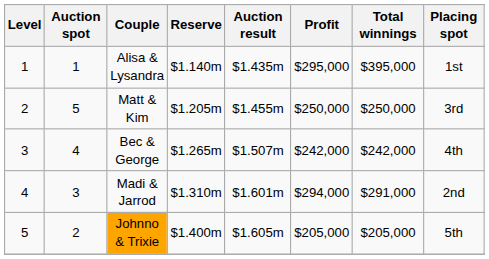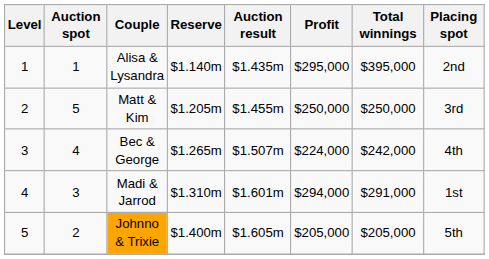 <table class="wikitable" style="text-align: center; font-size: 9pt; line-height:16px; width:70%" |>
 <tr>
 <th>Level</th>
 <th>Auction spot</th>
 <th>Couple</th>
 <th>Reserve</th>
 <th>Auction result</th>
 <th>Profit</th>
 <th>Total winnings</th>
 <th>Placing spot</th>
 </tr>
 <tr>
 <td>1</td>
 <td style="text-align:center">1</td>
 <td style="width:5%;" scope="col" style="background:#00BFFF; color:black;">Alisa & Lysandra</td>
 <td style="text-align:center">$1.140m</td>
 <td style="text-align:center">$1.435m</td>
 <td style="text-align:center">$295,000</td>
 <td style="text-align:center">$395,000</td>
-<td style="text-align:center">1st</td>
+<td style="text-align:center">2nd</td>
 </tr>
 <tr>
 <td>2</td>
 <td style="text-align:center">5</td>
 <td style="width:5%;" scope="col" style="background:Black; background-color:#FDEE00">Matt & Kim</td>
 <td style="text-align:center">$1.205m</td>
 <td style="text-align:center">$1.455m</td>
 <td style="text-align:center">$250,000</td>
 <td style="text-align:center">$250,000</td>
 <td style="text-align:center">3rd</td>
 </tr>
 <tr>
 <td>3</td>
 <td style="text-align:center">4</td>
 <td style="width:5%;" scope="col" style="background:#A4C639; color:black;">Bec & George</td>
 <td style="text-align:center">$1.265m</td>
 <td style="text-align:center">$1.507m</td>
-<td style="text-align:center">$242,000</td>
+<td style="text-align:center">$224,000</td>
 <td style="text-align:center">$242,000</td>
 <td style="text-align:center">4th</td>
 </tr>
 <tr>
 <td>4</td>
 <td style="text-align:center">3</td>
 <td style="width:5%;" scope="col" style="background:#FF0800; color:black;">Madi & Jarrod</td>
 <td style="text-align:center">$1.310m</td>
 <td style="text-align:center">$1.601m</td>
 <td style="text-align:center">$294,000</td>
 <td style="text-align:center">$291,000</td>
-<td style="text-align:center">2nd</td>
+<td style="text-align:center">1st</td>
 </tr>
 <tr>
 <td>5</td>
 <td style="text-align:center">2</td>
 <td style='background:orange;'>Johnno & Trixie</td>
 <td style="text-align:center">$1.400m</td>
 <td style="text-align:center">$1.605m</td>
 <td style="text-align:center">$205,000</td>
 <td style="text-align:center">$205,000</td>
 <td style="text-align:center">5th</td>
 </tr>
 <tr>
 </tr>
 </table>
